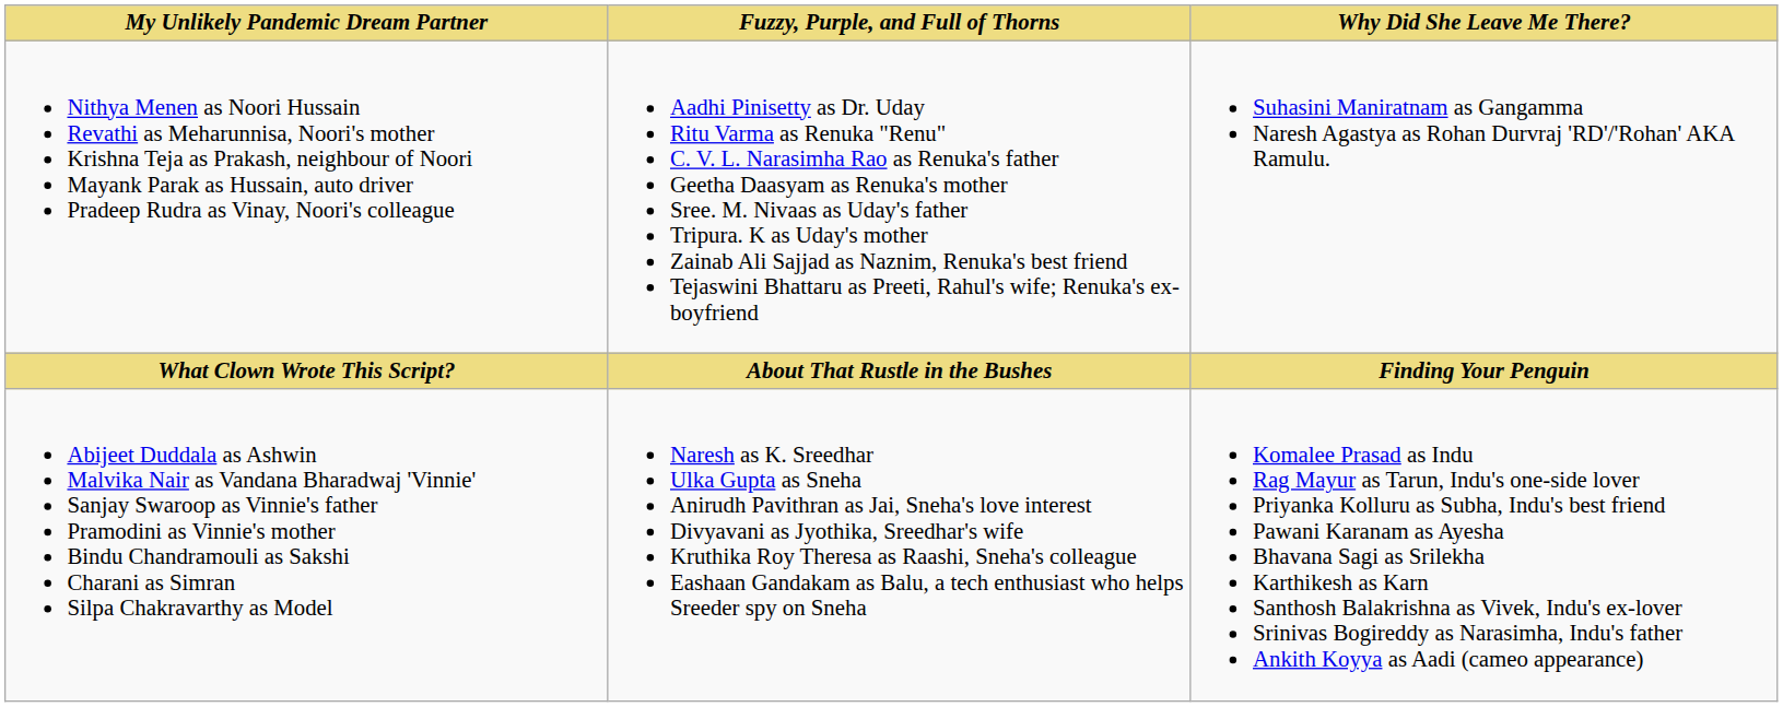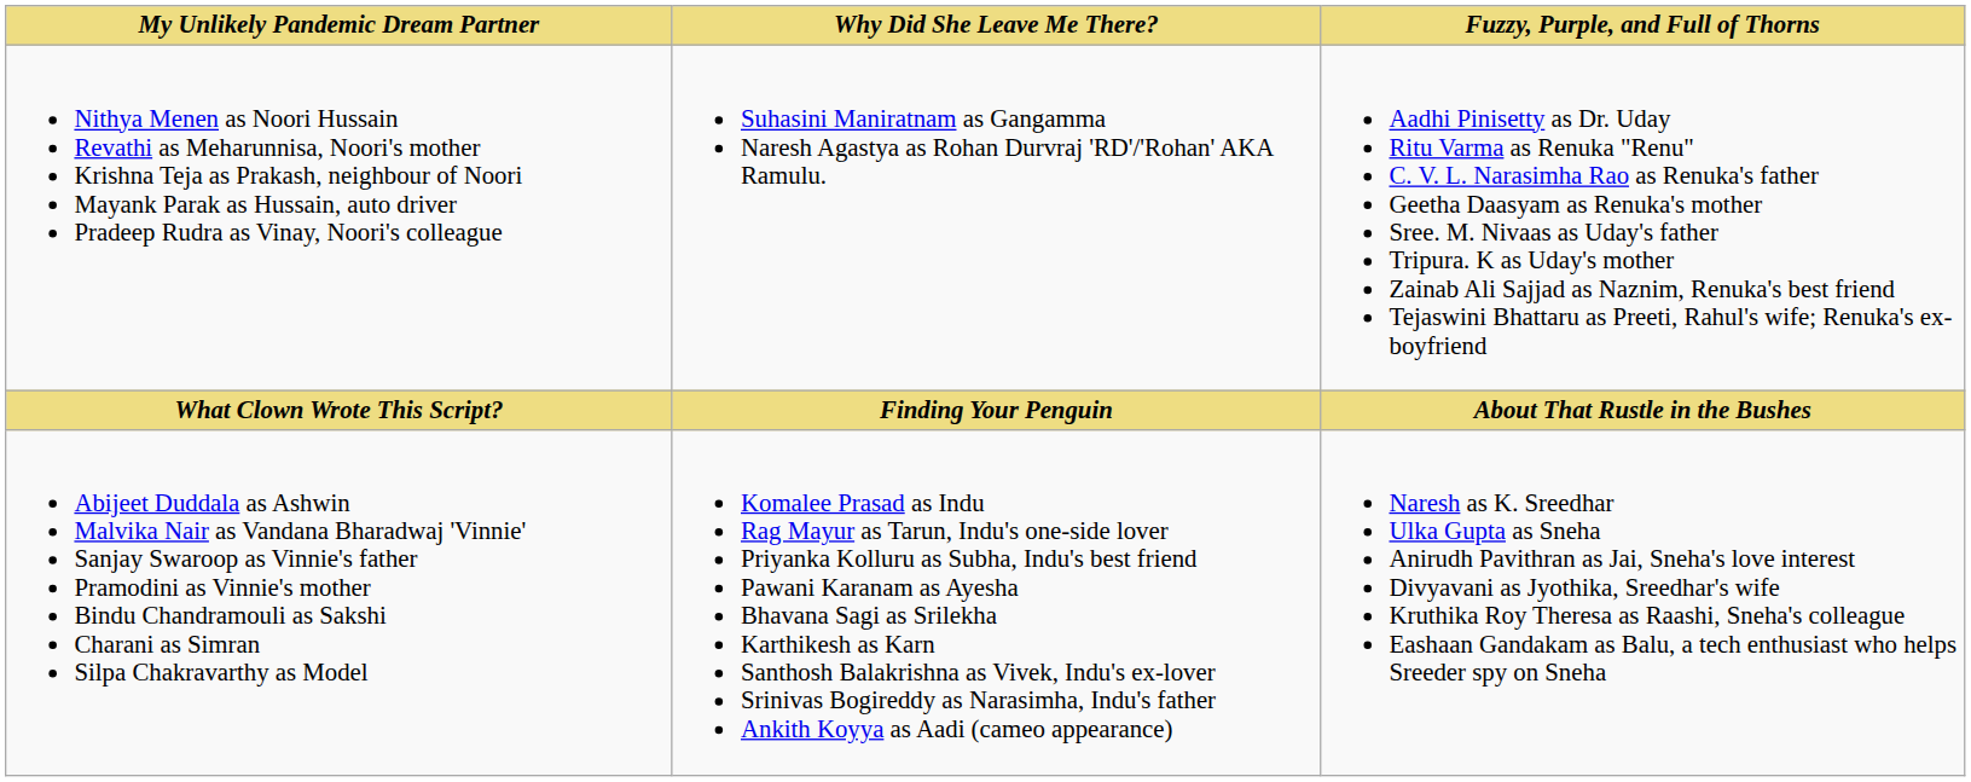 <table class=wikitable>
 <tr>
 <th style="background:#EEDD82; width:10%"><em>My Unlikely Pandemic Dream Partner</em></th>
+<th style="background:#EEDD82; width:10%"><em>Why Did She Leave Me There?</em></th>
 <th style="background:#EEDD82; width:10%"><em>Fuzzy, Purple, and Full of Thorns</em></th>
-<th style="background:#EEDD82; width:10%"><em>Why Did She Leave Me There?</em></th>
 </tr>
 <tr>
 <td valign="top"><br><ul><li><a href='#'>Nithya Menen</a> as Noori Hussain</li><li><a href='#'>Revathi</a> as Meharunnisa, Noori's mother</li><li>Krishna Teja as Prakash, neighbour of Noori</li><li>Mayank Parak as Hussain, auto driver</li><li>Pradeep Rudra as Vinay, Noori's colleague</li></ul></td>
+<td valign="top"><br><ul><li><a href='#'>Suhasini Maniratnam</a> as Gangamma</li><li>Naresh Agastya as Rohan Durvraj 'RD'/'Rohan' AKA Ramulu.</li></ul></td>
 <td valign="top"><br><ul><li><a href='#'>Aadhi Pinisetty</a> as Dr. Uday</li><li><a href='#'>Ritu Varma</a> as Renuka "Renu"</li><li><a href='#'>C. V. L. Narasimha Rao</a> as Renuka's father</li><li>Geetha Daasyam as Renuka's mother</li><li>Sree. M. Nivaas as Uday's father</li><li>Tripura. K as Uday's mother</li><li>Zainab Ali Sajjad as Naznim, Renuka's best friend</li><li>Tejaswini Bhattaru as Preeti, Rahul's wife; Renuka's ex-boyfriend</li></ul></td>
-<td valign="top"><br><ul><li><a href='#'>Suhasini Maniratnam</a> as Gangamma</li><li>Naresh Agastya as Rohan Durvraj 'RD'/'Rohan' AKA Ramulu.</li></ul></td>
 </tr>
 <tr>
 <th style="background:#EEDD82; width:10%"><em>What Clown Wrote This Script?</em></th>
+<th style="background:#EEDD82; width:10%"><em>Finding Your Penguin</em></th>
 <th style="background:#EEDD82; width:10%"><em>About That Rustle in the Bushes </em></th>
-<th style="background:#EEDD82; width:10%"><em>Finding Your Penguin</em></th>
 </tr>
 <tr>
 <td valign="top"><br><ul><li><a href='#'>Abijeet Duddala</a> as Ashwin</li><li><a href='#'>Malvika Nair</a> as Vandana Bharadwaj 'Vinnie'</li><li>Sanjay Swaroop as Vinnie's father</li><li>Pramodini as Vinnie's mother</li><li>Bindu Chandramouli as Sakshi</li><li>Charani as Simran</li><li>Silpa Chakravarthy as Model</li></ul></td>
+<td valign="top"><br><ul><li><a href='#'>Komalee Prasad</a> as Indu</li><li><a href='#'>Rag Mayur</a> as Tarun, Indu's one-side lover</li><li>Priyanka Kolluru as Subha, Indu's best friend</li><li>Pawani Karanam as Ayesha</li><li>Bhavana Sagi as Srilekha</li><li>Karthikesh as Karn</li><li>Santhosh Balakrishna as Vivek, Indu's ex-lover</li><li>Srinivas Bogireddy as Narasimha, Indu's father</li><li><a href='#'>Ankith Koyya</a> as Aadi (cameo appearance)</li></ul></td>
 <td valign="top"><br><ul><li><a href='#'>Naresh</a> as K. Sreedhar</li><li><a href='#'>Ulka Gupta</a> as Sneha</li><li>Anirudh Pavithran as Jai, Sneha's love interest</li><li>Divyavani as Jyothika, Sreedhar's wife</li><li>Kruthika Roy Theresa as Raashi, Sneha's colleague</li><li>Eashaan Gandakam as Balu, a tech enthusiast who helps Sreeder spy on Sneha</li></ul></td>
-<td valign="top"><br><ul><li><a href='#'>Komalee Prasad</a> as Indu</li><li><a href='#'>Rag Mayur</a> as Tarun, Indu's one-side lover</li><li>Priyanka Kolluru as Subha, Indu's best friend</li><li>Pawani Karanam as Ayesha</li><li>Bhavana Sagi as Srilekha</li><li>Karthikesh as Karn</li><li>Santhosh Balakrishna as Vivek, Indu's ex-lover</li><li>Srinivas Bogireddy as Narasimha, Indu's father</li><li><a href='#'>Ankith Koyya</a> as Aadi (cameo appearance)</li></ul></td>
 </tr>
 </table>
